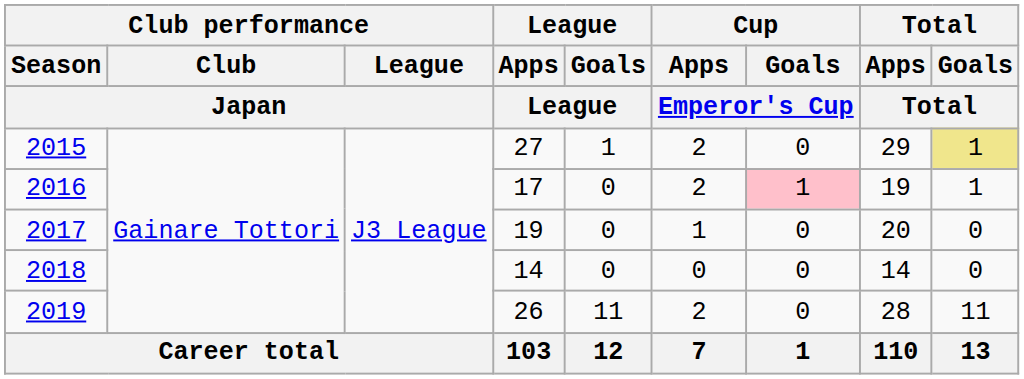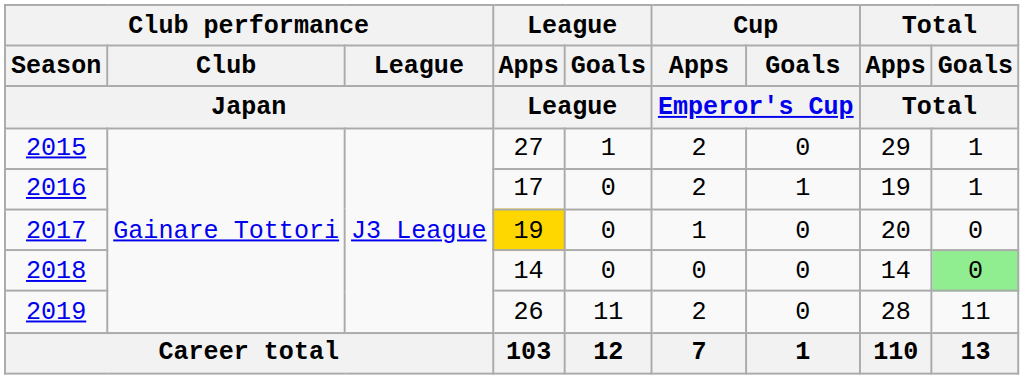 <table class="wikitable" style="text-align:center">
 <tr>
 <th colspan=3>Club performance</th>
 <th colspan=2>League</th>
 <th colspan=2>Cup</th>
 <th colspan=2>Total</th>
 </tr>
 <tr>
 <th>Season</th>
 <th>Club</th>
 <th>League</th>
 <th>Apps</th>
 <th>Goals</th>
 <th>Apps</th>
 <th>Goals</th>
 <th>Apps</th>
 <th>Goals</th>
 </tr>
 <tr>
 <th colspan=3>Japan</th>
 <th colspan=2>League</th>
 <th colspan=2><a href='#'>Emperor's Cup</a></th>
 <th colspan=2>Total</th>
 </tr>
 <tr>
 <td><a href='#'>2015</a></td>
 <td rowspan="5"><a href='#'>Gainare Tottori</a></td>
 <td rowspan="5"><a href='#'>J3 League</a></td>
 <td>27</td>
 <td>1</td>
 <td>2</td>
 <td>0</td>
 <td>29</td>
-<td style="background: khaki;">1</td>
+<td>1</td>
 </tr>
 <tr>
 <td><a href='#'>2016</a></td>
 <td>17</td>
 <td>0</td>
 <td>2</td>
-<td style="background: pink;">1</td>
+<td>1</td>
 <td>19</td>
 <td>1</td>
 </tr>
 <tr>
 <td><a href='#'>2017</a></td>
-<td>19</td>
+<td style="background: gold;">19</td>
 <td>0</td>
 <td>1</td>
 <td>0</td>
 <td>20</td>
 <td>0</td>
 </tr>
 <tr>
 <td><a href='#'>2018</a></td>
 <td>14</td>
 <td>0</td>
 <td>0</td>
 <td>0</td>
 <td>14</td>
-<td>0</td>
+<td style="background: lightgreen;">0</td>
 </tr>
 <tr>
 <td><a href='#'>2019</a></td>
 <td>26</td>
 <td>11</td>
 <td>2</td>
 <td>0</td>
 <td>28</td>
 <td>11</td>
 </tr>
 <tr>
 <th colspan=3>Career total</th>
 <th>103</th>
 <th>12</th>
 <th>7</th>
 <th>1</th>
 <th>110</th>
 <th>13</th>
 </tr>
 </table>
